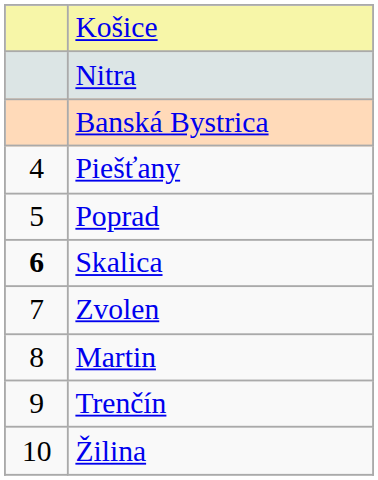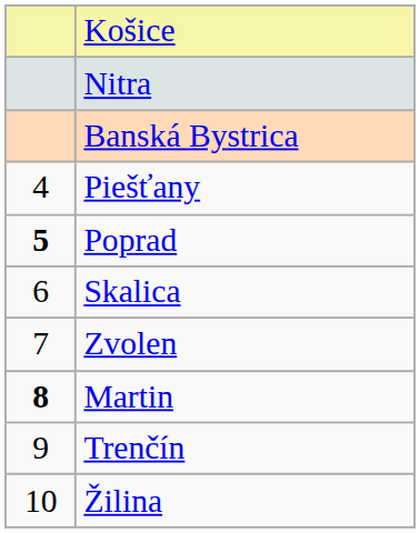 <table class="wikitable" style="width:200px;">
 <tr style="background:#F7F6A8;">
 <td align=center></td>
 <td><a href='#'>Košice</a></td>
 </tr>
 <tr style="background:#DCE5E5;">
 <td align=center></td>
 <td><a href='#'>Nitra</a></td>
 </tr>
 <tr style="background:#FFDAB9;">
 <td align=center></td>
 <td><a href='#'>Banská Bystrica</a></td>
 </tr>
 <tr>
 <td align=center>4</td>
 <td><a href='#'>Piešťany</a></td>
 </tr>
 <tr>
-<td align=center>5</td>
+<td align=center><strong>5</strong></td>
 <td><a href='#'>Poprad</a></td>
 </tr>
 <tr>
-<td align=center><strong>6</strong></td>
+<td align=center>6</td>
 <td><a href='#'>Skalica</a></td>
 </tr>
 <tr>
 <td align=center>7</td>
 <td><a href='#'>Zvolen</a></td>
 </tr>
 <tr>
-<td align=center>8</td>
+<td align=center><strong>8</strong></td>
 <td><a href='#'>Martin</a></td>
 </tr>
 <tr>
 <td align=center>9</td>
 <td><a href='#'>Trenčín</a></td>
 </tr>
 <tr>
 <td align=center>10</td>
 <td><a href='#'>Žilina</a></td>
 </tr>
 </table>
